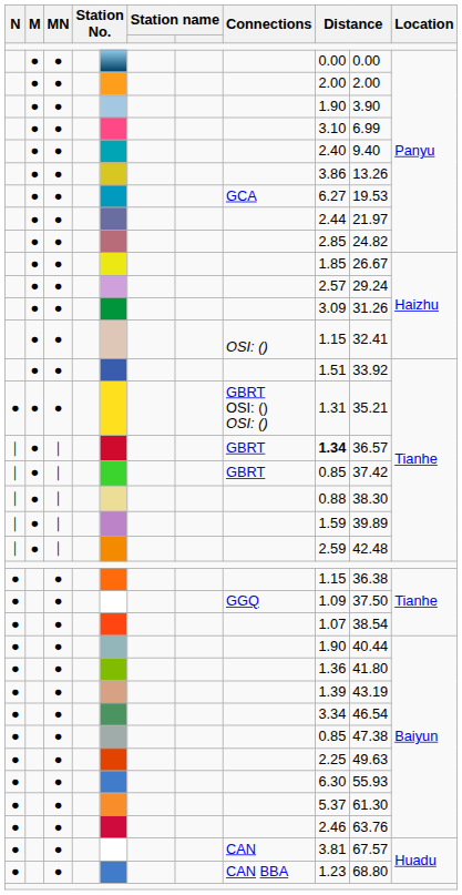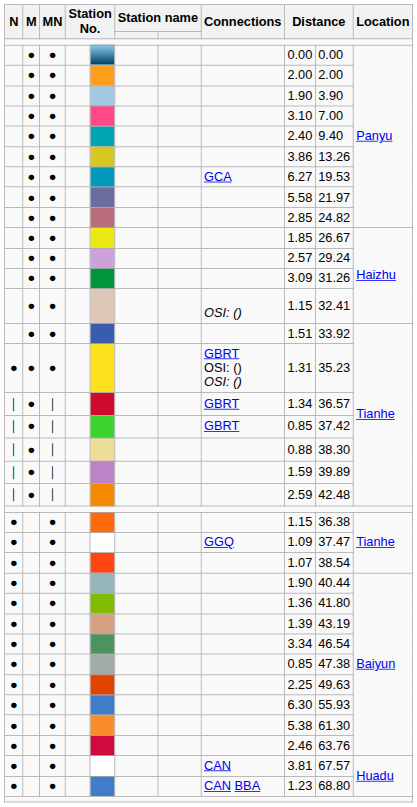 <table class="wikitable">
 <tr>
 <th rowspan="2">N</th>
 <th rowspan="2">M</th>
 <th rowspan="2">MN</th>
 <th colspan="2" rowspan="2">Station<br>No.</th>
 <th colspan="2">Station name</th>
 <th rowspan="2">Connections</th>
 <th colspan="2" rowspan="2">Distance<br></th>
 <th rowspan="2">Location</th>
 </tr>
 <tr>
 <th></th>
 <th></th>
 </tr>
 <tr style="background:#">
 <td colspan="11"></td>
 </tr>
 <tr>
 <td style="text-align:center;"></td>
 <td style="text-align:center;">●</td>
 <td style="text-align:center;">●</td>
 <td></td>
 <td style="background-image: linear-gradient(to bottom, #8dc9e8, #004065);"></td>
 <td></td>
 <td></td>
 <td> </td>
 <td>0.00</td>
 <td>0.00</td>
 <td rowspan=9><a href='#'>Panyu</a></td>
 </tr>
 <tr>
 <td style="text-align:center;"></td>
 <td style="text-align:center;">●</td>
 <td style="text-align:center;">●</td>
 <td></td>
 <td style="background:#FF9E1B"></td>
 <td></td>
 <td></td>
 <td></td>
 <td>2.00</td>
 <td>2.00</td>
 </tr>
 <tr>
 <td style="text-align:center;"></td>
 <td style="text-align:center;">●</td>
 <td style="text-align:center;">●</td>
 <td></td>
 <td style="background:#A4C8E1"></td>
 <td></td>
 <td></td>
 <td></td>
 <td>1.90</td>
 <td>3.90</td>
 </tr>
 <tr>
 <td style="text-align:center;"></td>
 <td style="text-align:center;">●</td>
 <td style="text-align:center;">●</td>
 <td></td>
 <td style="background:#FF4885"></td>
 <td></td>
 <td></td>
 <td></td>
 <td>3.10</td>
-<td>6.99</td>
+<td>7.00</td>
 </tr>
 <tr>
 <td style="text-align:center;"></td>
 <td style="text-align:center;">●</td>
 <td style="text-align:center;">●</td>
 <td></td>
 <td style="background:#00A5B5"></td>
 <td></td>
 <td></td>
 <td>   </td>
 <td>2.40</td>
 <td>9.40</td>
 </tr>
 <tr>
 <td style="text-align:center;"></td>
 <td style="text-align:center;">●</td>
 <td style="text-align:center;">●</td>
 <td></td>
 <td style="background:#D8C722"></td>
 <td></td>
 <td></td>
 <td></td>
 <td>3.86</td>
 <td>13.26</td>
 </tr>
 <tr>
 <td style="text-align:center;"></td>
 <td style="text-align:center;">●</td>
 <td style="text-align:center;">●</td>
 <td></td>
 <td style="background:#009ABE"></td>
 <td></td>
 <td></td>
 <td>   <a href='#'>GCA</a> </td>
 <td>6.27</td>
 <td>19.53</td>
 </tr>
 <tr>
 <td style="text-align:center;"></td>
 <td style="text-align:center;">●</td>
 <td style="text-align:center;">●</td>
 <td></td>
 <td style="background:#696D9F"></td>
 <td></td>
 <td></td>
 <td></td>
-<td>2.44</td>
+<td>5.58</td>
 <td>21.97</td>
 </tr>
 <tr>
 <td style="text-align:center;"></td>
 <td style="text-align:center;">●</td>
 <td style="text-align:center;">●</td>
 <td></td>
 <td style="background:#B86B78"></td>
 <td></td>
 <td></td>
 <td></td>
 <td>2.85</td>
 <td>24.82</td>
 </tr>
 <tr>
 <td style="text-align:center;"></td>
 <td style="text-align:center;">●</td>
 <td style="text-align:center;">●</td>
 <td></td>
 <td style="background:#ECE813"></td>
 <td></td>
 <td></td>
 <td> </td>
 <td>1.85</td>
 <td>26.67</td>
 <td rowspan="4"><a href='#'>Haizhu</a></td>
 </tr>
 <tr>
 <td style="text-align:center;"></td>
 <td style="text-align:center;">●</td>
 <td style="text-align:center;">●</td>
 <td></td>
 <td style="background:#CEA1DC"></td>
 <td></td>
 <td></td>
 <td> </td>
 <td>2.57</td>
 <td>29.24</td>
 </tr>
 <tr>
 <td style="text-align:center;"></td>
 <td style="text-align:center;">●</td>
 <td style="text-align:center;">●</td>
 <td></td>
 <td style="background:#00953A"></td>
 <td></td>
 <td></td>
 <td> </td>
 <td>3.09</td>
 <td>31.26</td>
 </tr>
 <tr>
 <td style="text-align:center;"></td>
 <td style="text-align:center;">●</td>
 <td style="text-align:center;">●</td>
 <td></td>
 <td style="background:#DEC7B6"></td>
 <td></td>
 <td></td>
 <td align="left"> <br><em>OSI:  ()</em></td>
 <td>1.15</td>
 <td>32.41</td>
 </tr>
 <tr>
 <td style="text-align:center;"></td>
 <td style="text-align:center;">●</td>
 <td style="text-align:center;">●</td>
 <td></td>
 <td style="background:#3A5CAC"></td>
 <td></td>
 <td></td>
 <td> </td>
 <td>1.51</td>
 <td>33.92</td>
 <td rowspan="7"><a href='#'>Tianhe</a></td>
 </tr>
 <tr>
 <td style="text-align:center;">●</td>
 <td style="text-align:center;">●</td>
 <td style="text-align:center;">●</td>
 <td></td>
 <td style="background:#FEE01E"></td>
 <td></td>
 <td></td>
 <td>    <a href='#'>GBRT</a><br>OSI:  ()<br><em>OSI:  ()</em></td>
 <td>1.31</td>
-<td>35.21</td>
+<td>35.23</td>
 </tr>
 <tr>
 <td style="text-align:center;">｜</td>
 <td style="text-align:center;">●</td>
 <td style="text-align:center;">｜</td>
 <td></td>
 <td style="background:#CF0A2C"></td>
 <td></td>
 <td></td>
 <td> <a href='#'>GBRT</a></td>
-<td><strong>1.34</strong></td>
+<td>1.34</td>
 <td>36.57</td>
 </tr>
 <tr>
 <td style="text-align:center;">｜</td>
 <td style="text-align:center;">●</td>
 <td style="text-align:center;">｜</td>
 <td></td>
 <td style="background:#3BD42E"></td>
 <td></td>
 <td></td>
 <td> <a href='#'>GBRT</a></td>
 <td>0.85</td>
 <td>37.42</td>
 </tr>
 <tr>
 <td style="text-align:center;">｜</td>
 <td style="text-align:center;">●</td>
 <td style="text-align:center;">｜</td>
 <td></td>
 <td style="background:#ECDE97"></td>
 <td></td>
 <td></td>
 <td> </td>
 <td>0.88</td>
 <td>38.30</td>
 </tr>
 <tr>
 <td style="text-align:center;">｜</td>
 <td style="text-align:center;">●</td>
 <td style="text-align:center;">｜</td>
 <td></td>
 <td style="background:#BC83C9"></td>
 <td></td>
 <td></td>
 <td></td>
 <td>1.59</td>
 <td>39.89</td>
 </tr>
 <tr>
 <td style="text-align:center;">｜</td>
 <td style="text-align:center;">●</td>
 <td style="text-align:center;">｜</td>
 <td></td>
 <td style="background:#F38A00"></td>
 <td></td>
 <td></td>
 <td> </td>
 <td>2.59</td>
 <td>42.48</td>
 </tr>
 <tr style="background:#">
 <td colspan="11"></td>
 </tr>
 <tr>
 <td style="text-align:center;">●</td>
 <td style="text-align:center;"></td>
 <td style="text-align:center;">●</td>
 <td></td>
 <td style="background:#FF6B0B"></td>
 <td></td>
 <td></td>
 <td> </td>
 <td>1.15</td>
 <td>36.38</td>
 <td rowspan="3"><a href='#'>Tianhe</a></td>
 </tr>
 <tr>
 <td style="text-align:center;">●</td>
 <td style="text-align:center;"></td>
 <td style="text-align:center;">●</td>
 <td></td>
 <td style="background:#FFFFFF"></td>
 <td></td>
 <td></td>
 <td>       <a href='#'>GGQ</a></td>
 <td>1.09</td>
-<td>37.50</td>
+<td>37.47</td>
 </tr>
 <tr>
 <td style="text-align:center;">●</td>
 <td style="text-align:center;"></td>
 <td style="text-align:center;">●</td>
 <td></td>
 <td style="background:#FF4611"></td>
 <td></td>
 <td></td>
 <td> </td>
 <td>1.07</td>
 <td>38.54</td>
 </tr>
 <tr>
 <td style="text-align:center;">●</td>
 <td style="text-align:center;"></td>
 <td style="text-align:center;">●</td>
 <td></td>
 <td style="background:#93B6BB"></td>
 <td></td>
 <td></td>
 <td></td>
 <td>1.90</td>
 <td>40.44</td>
 <td rowspan="9"><a href='#'>Baiyun</a></td>
 </tr>
 <tr>
 <td style="text-align:center;">●</td>
 <td style="text-align:center;"></td>
 <td style="text-align:center;">●</td>
 <td></td>
 <td style="background:#82BC00"></td>
 <td></td>
 <td></td>
 <td></td>
 <td>1.36</td>
 <td>41.80</td>
 </tr>
 <tr>
 <td style="text-align:center;">●</td>
 <td style="text-align:center;"></td>
 <td style="text-align:center;">●</td>
 <td></td>
 <td style="background:#D7A284"></td>
 <td></td>
 <td></td>
 <td></td>
 <td>1.39</td>
 <td>43.19</td>
 </tr>
 <tr>
 <td style="text-align:center;">●</td>
 <td style="text-align:center;"></td>
 <td style="text-align:center;">●</td>
 <td></td>
 <td style="background:#4B9461"></td>
 <td></td>
 <td></td>
 <td></td>
 <td>3.34</td>
 <td>46.54</td>
 </tr>
 <tr>
 <td style="text-align:center;">●</td>
 <td style="text-align:center;"></td>
 <td style="text-align:center;">●</td>
 <td></td>
 <td style="background:#A0ACAA"></td>
 <td></td>
 <td></td>
 <td></td>
 <td>0.85</td>
 <td>47.38</td>
 </tr>
 <tr>
 <td style="text-align:center;">●</td>
 <td style="text-align:center;"></td>
 <td style="text-align:center;">●</td>
 <td></td>
 <td style="background:#E24301"></td>
 <td></td>
 <td></td>
 <td>   </td>
 <td>2.25</td>
 <td>49.63</td>
 </tr>
 <tr>
 <td style="text-align:center;">●</td>
 <td style="text-align:center;"></td>
 <td style="text-align:center;">●</td>
 <td></td>
 <td style="background:#407CC9"></td>
 <td></td>
 <td></td>
 <td></td>
 <td>6.30</td>
 <td>55.93</td>
 </tr>
 <tr>
 <td style="text-align:center;">●</td>
 <td style="text-align:center;"></td>
 <td style="text-align:center;">●</td>
 <td></td>
 <td style="background:#F98D29"></td>
 <td></td>
 <td></td>
 <td></td>
-<td>5.37</td>
+<td>5.38</td>
 <td>61.30</td>
 </tr>
 <tr>
 <td style="text-align:center;">●</td>
 <td style="text-align:center;"></td>
 <td style="text-align:center;">●</td>
 <td></td>
 <td style="background:#CF0A3C"></td>
 <td></td>
 <td></td>
 <td> </td>
 <td>2.46</td>
 <td>63.76</td>
 </tr>
 <tr>
 <td style="text-align:center;">●</td>
 <td style="text-align:center;"></td>
 <td style="text-align:center;">●</td>
 <td></td>
 <td style="background:#FFFFFF"></td>
 <td></td>
 <td></td>
 <td align="left">  <a href='#'>CAN</a></td>
 <td>3.81</td>
 <td>67.57</td>
 <td rowspan="2"><a href='#'>Huadu</a></td>
 </tr>
 <tr>
 <td style="text-align:center;">●</td>
 <td style="text-align:center;"></td>
 <td style="text-align:center;">●</td>
 <td></td>
 <td style="background:#407CC9"></td>
 <td></td>
 <td></td>
 <td>  <a href='#'>CAN</a>  <a href='#'>BBA</a> </td>
 <td>1.23</td>
 <td>68.80</td>
 </tr>
 <tr style="background:#">
 <td colspan="11"></td>
 </tr>
 </table>
